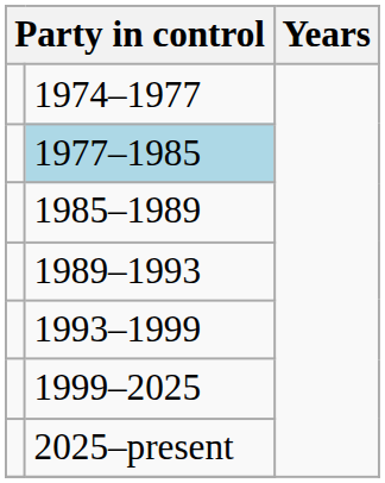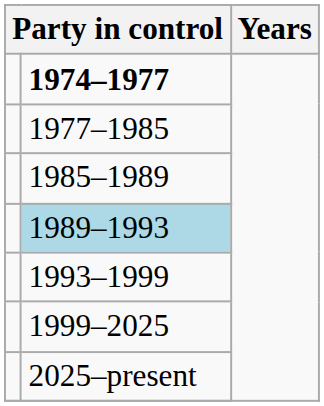 <table class="wikitable">
 <tr>
 <th colspan="2">Party in control</th>
 <th>Years</th>
 </tr>
 <tr>
 <td></td>
-<td>1974–1977</td>
+<td><strong>1974–1977</strong></td>
 </tr>
 <tr>
 <td></td>
-<td style="background: lightblue;">1977–1985</td>
+<td>1977–1985</td>
 </tr>
 <tr>
 <td></td>
 <td>1985–1989</td>
 </tr>
 <tr>
 <td></td>
-<td>1989–1993</td>
+<td style="background: lightblue;">1989–1993</td>
 </tr>
 <tr>
 <td></td>
 <td>1993–1999</td>
 </tr>
 <tr>
 <td></td>
 <td>1999–2025</td>
 </tr>
 <tr>
 <td></td>
 <td>2025–present</td>
 </tr>
 <tr>
 </tr>
 </table>
